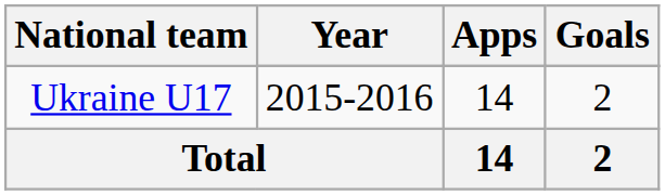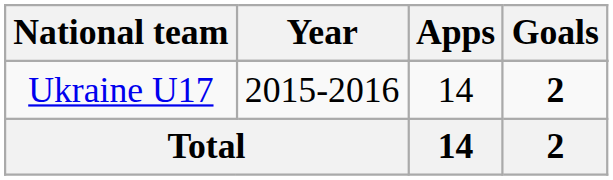 <table class=wikitable style=text-align:center>
 <tr>
 <th>National team</th>
 <th>Year</th>
 <th>Apps</th>
 <th>Goals</th>
 </tr>
 <tr>
 <td rowspan=2><a href='#'>Ukraine U17</a></td>
 </tr>
 <tr>
 <td>2015-2016</td>
 <td>14</td>
-<td>2</td>
+<td><strong>2</strong></td>
 </tr>
 <tr>
 <th colspan=2>Total</th>
 <th>14</th>
 <th>2</th>
 </tr>
 </table>
